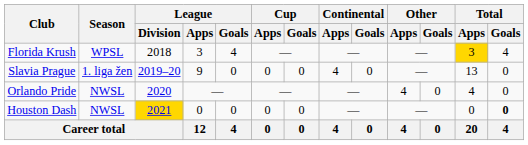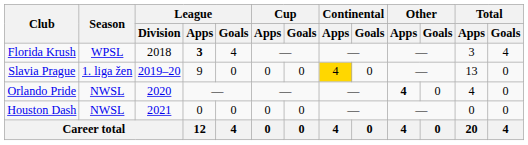 <table class="wikitable" style="text-align:center">
 <tr>
 <th rowspan="2">Club</th>
 <th rowspan="2">Season</th>
 <th colspan="3">League</th>
 <th colspan="2">Cup</th>
 <th colspan="2">Continental</th>
 <th colspan="2">Other</th>
 <th colspan="2">Total</th>
 </tr>
 <tr>
 <th>Division</th>
 <th>Apps</th>
 <th>Goals</th>
 <th>Apps</th>
 <th>Goals</th>
 <th>Apps</th>
 <th>Goals</th>
 <th>Apps</th>
 <th>Goals</th>
 <th>Apps</th>
 <th>Goals</th>
 </tr>
 <tr>
 <td><a href='#'>Florida Krush</a></td>
 <td><a href='#'>WPSL</a></td>
 <td>2018</td>
-<td>3</td>
+<td><strong>3</strong></td>
 <td>4</td>
 <td colspan="2">—</td>
 <td colspan="2">—</td>
 <td colspan="2">—</td>
-<td style="background: gold;">3</td>
+<td>3</td>
 <td>4</td>
 </tr>
 <tr>
 <td><a href='#'>Slavia Prague</a></td>
 <td><a href='#'>1. liga žen</a></td>
 <td><a href='#'>2019–20</a></td>
 <td>9</td>
 <td>0</td>
 <td>0</td>
 <td>0</td>
-<td>4</td>
+<td style="background: gold;">4</td>
 <td>0</td>
 <td colspan="2">—</td>
 <td>13</td>
 <td>0</td>
 </tr>
 <tr>
 <td><a href='#'>Orlando Pride</a></td>
 <td><a href='#'>NWSL</a></td>
 <td><a href='#'>2020</a></td>
 <td colspan="2">—</td>
 <td colspan="2">—</td>
 <td colspan="2">—</td>
-<td>4</td>
+<td><strong>4</strong></td>
 <td>0</td>
 <td>4</td>
 <td>0</td>
 </tr>
 <tr>
 <td><a href='#'>Houston Dash</a></td>
 <td><a href='#'>NWSL</a></td>
-<td style="background: gold;"><a href='#'>2021</a></td>
+<td><a href='#'>2021</a></td>
 <td>0</td>
 <td>0</td>
 <td>0</td>
 <td>0</td>
 <td colspan="2">—</td>
 <td colspan="2">—</td>
 <td>0</td>
-<td><strong>0</strong></td>
+<td>0</td>
 </tr>
 <tr>
 <th colspan="3">Career total</th>
 <th>12</th>
 <th>4</th>
 <th>0</th>
 <th>0</th>
 <th>4</th>
 <th>0</th>
 <th>4</th>
 <th>0</th>
 <th>20</th>
 <th>4</th>
 </tr>
 </table>
